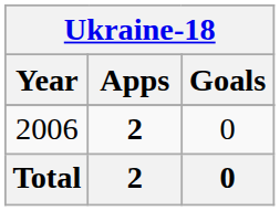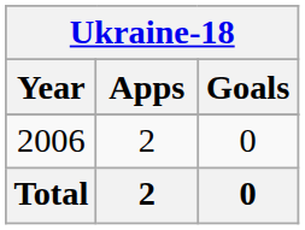 <table class="wikitable" style="text-align:center">
 <tr>
 <th colspan=3><a href='#'>Ukraine-18</a></th>
 </tr>
 <tr>
 <th>Year</th>
 <th width="40">Apps</th>
 <th width="40">Goals</th>
 </tr>
 <tr>
 </tr>
 <tr>
 <td>2006</td>
-<td><strong>2</strong></td>
+<td>2</td>
 <td>0</td>
 </tr>
 <tr>
 <th>Total</th>
 <th>2</th>
 <th>0</th>
 </tr>
 </table>
